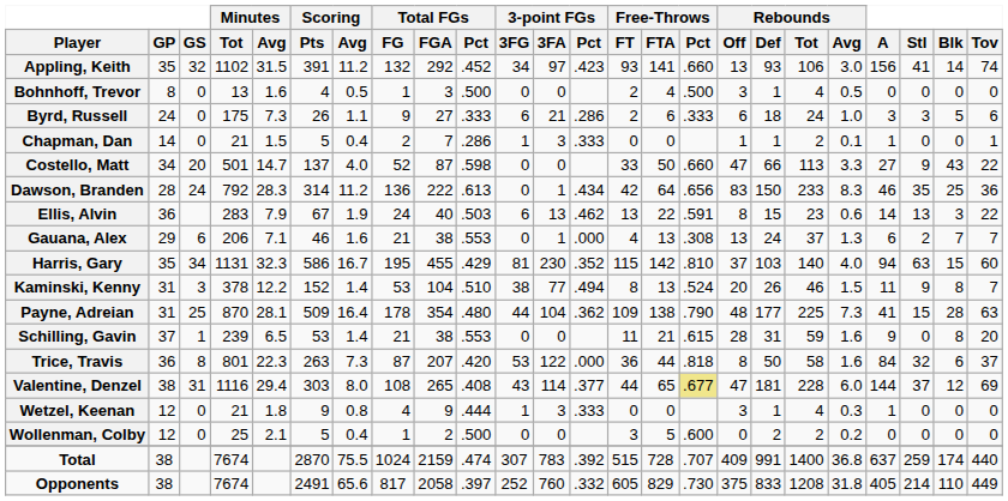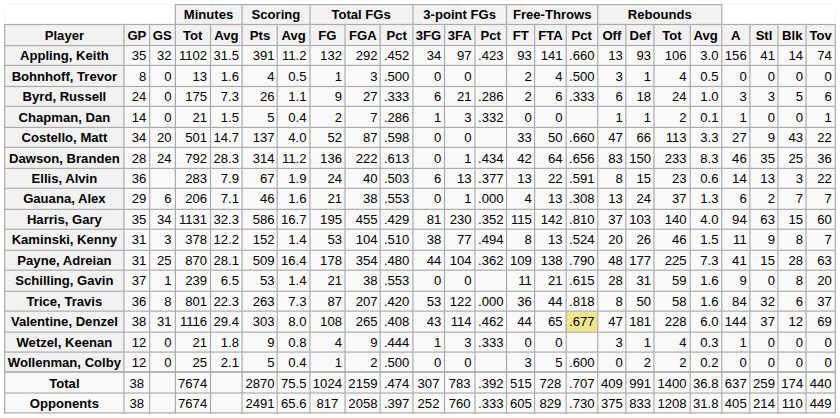 <table class="wikitable sortable" border="1" style="font-size:70%;">
 <tr>
 <th colspan="3" style="border-top-style:hidden; border-left-style:hidden; background: white;"></th>
 <th colspan="2" style=>Minutes</th>
 <th colspan="2" style=>Scoring</th>
 <th colspan="3" style=>Total FGs</th>
 <th colspan="3" style=>3-point FGs</th>
 <th colspan="3" style=>Free-Throws</th>
 <th colspan="4" style=>Rebounds</th>
 <th colspan="4" style="border-top-style:hidden; border-right-style:hidden; background: white;"></th>
 </tr>
 <tr>
 <th scope="col" style=>Player</th>
 <th scope="col" style=>GP</th>
 <th scope="col" style=>GS</th>
 <th scope="col" style=>Tot</th>
 <th scope="col" style=>Avg</th>
 <th scope="col" style=>Pts</th>
 <th scope="col" style=>Avg</th>
 <th scope="col" style=>FG</th>
 <th scope="col" style=>FGA</th>
 <th scope="col" style=>Pct</th>
 <th scope="col" style=>3FG</th>
 <th scope="col" style=>3FA</th>
 <th scope="col" style=>Pct</th>
 <th scope="col" style=>FT</th>
 <th scope="col" style=>FTA</th>
 <th scope="col" style=>Pct</th>
 <th scope="col" style=>Off</th>
 <th scope="col" style=>Def</th>
 <th scope="col" style=>Tot</th>
 <th scope="col" style=>Avg</th>
 <th scope="col" style=>A</th>
 <th scope="col" style=>Stl</th>
 <th scope="col" style=>Blk</th>
 <th scope="col" style=>Tov</th>
 </tr>
 <tr>
 <th style=white-space:nowrap>Appling, Keith</th>
 <td align="right">35</td>
 <td align="right">32</td>
 <td align="right">1102</td>
 <td align="right">31.5</td>
 <td align="right">391</td>
 <td align="right">11.2</td>
 <td align="right">132</td>
 <td align="right">292</td>
 <td align="right">.452</td>
 <td align="right">34</td>
 <td align="right">97</td>
 <td align="right">.423</td>
 <td align="right">93</td>
 <td align="right">141</td>
 <td align="right">.660</td>
 <td align="right">13</td>
 <td align="right">93</td>
 <td align="right">106</td>
 <td align="right">3.0</td>
 <td align="right">156</td>
 <td align="right">41</td>
 <td align="right">14</td>
 <td align="right">74</td>
 </tr>
 <tr>
 <th style=white-space:nowrap>Bohnhoff, Trevor</th>
 <td align="right">8</td>
 <td align="right">0</td>
 <td align="right">13</td>
 <td align="right">1.6</td>
 <td align="right">4</td>
 <td align="right">0.5</td>
 <td align="right">1</td>
 <td align="right">3</td>
 <td align="right">.500</td>
 <td align="right">0</td>
 <td align="right">0</td>
 <td align="right"></td>
 <td align="right">2</td>
 <td align="right">4</td>
 <td align="right">.500</td>
 <td align="right">3</td>
 <td align="right">1</td>
 <td align="right">4</td>
 <td align="right">0.5</td>
 <td align="right">0</td>
 <td align="right">0</td>
 <td align="right">0</td>
 <td align="right">0</td>
 </tr>
 <tr>
 <th style=white-space:nowrap>Byrd, Russell</th>
 <td align="right">24</td>
 <td align="right">0</td>
 <td align="right">175</td>
 <td align="right">7.3</td>
 <td align="right">26</td>
 <td align="right">1.1</td>
 <td align="right">9</td>
 <td align="right">27</td>
 <td align="right">.333</td>
 <td align="right">6</td>
 <td align="right">21</td>
 <td align="right">.286</td>
 <td align="right">2</td>
 <td align="right">6</td>
 <td align="right">.333</td>
 <td align="right">6</td>
 <td align="right">18</td>
 <td align="right">24</td>
 <td align="right">1.0</td>
 <td align="right">3</td>
 <td align="right">3</td>
 <td align="right">5</td>
 <td align="right">6</td>
 </tr>
 <tr>
 <th style=white-space:nowrap>Chapman, Dan</th>
 <td align="right">14</td>
 <td align="right">0</td>
 <td align="right">21</td>
 <td align="right">1.5</td>
 <td align="right">5</td>
 <td align="right">0.4</td>
 <td align="right">2</td>
 <td align="right">7</td>
 <td align="right">.286</td>
 <td align="right">1</td>
 <td align="right">3</td>
-<td align="right">.333</td>
+<td align="center">.332</td>
 <td align="right">0</td>
 <td align="right">0</td>
 <td align="right"></td>
 <td align="right">1</td>
 <td align="right">1</td>
 <td align="right">2</td>
 <td align="right">0.1</td>
 <td align="right">1</td>
 <td align="right">0</td>
 <td align="right">0</td>
 <td align="right">1</td>
 </tr>
 <tr>
 <th style=white-space:nowrap>Costello, Matt</th>
 <td align="right">34</td>
 <td align="right">20</td>
 <td align="right">501</td>
 <td align="right">14.7</td>
 <td align="right">137</td>
 <td align="right">4.0</td>
 <td align="right">52</td>
 <td align="right">87</td>
 <td align="right">.598</td>
 <td align="right">0</td>
 <td align="right">0</td>
 <td align="right"></td>
 <td align="right">33</td>
 <td align="right">50</td>
 <td align="right">.660</td>
 <td align="right">47</td>
 <td align="right">66</td>
 <td align="right">113</td>
 <td align="right">3.3</td>
 <td align="right">27</td>
 <td align="right">9</td>
 <td align="right">43</td>
 <td align="right">22</td>
 </tr>
 <tr>
 <th style=white-space:nowrap>Dawson, Branden</th>
 <td align="right">28</td>
 <td align="right">24</td>
 <td align="right">792</td>
 <td align="right">28.3</td>
 <td align="right">314</td>
 <td align="right">11.2</td>
 <td align="right">136</td>
 <td align="right">222</td>
 <td align="right">.613</td>
 <td align="right">0</td>
 <td align="right">1</td>
 <td align="right">.434</td>
 <td align="right">42</td>
 <td align="right">64</td>
 <td align="right">.656</td>
 <td align="right">83</td>
 <td align="right">150</td>
 <td align="right">233</td>
 <td align="right">8.3</td>
 <td align="right">46</td>
 <td align="right">35</td>
 <td align="right">25</td>
 <td align="right">36</td>
 </tr>
 <tr>
 <th style=white-space:nowrap>Ellis, Alvin</th>
 <td align="right">36</td>
 <td align="right"></td>
 <td align="right">283</td>
 <td align="right">7.9</td>
 <td align="right">67</td>
 <td align="right">1.9</td>
 <td align="right">24</td>
 <td align="right">40</td>
 <td align="right">.503</td>
 <td align="right">6</td>
 <td align="right">13</td>
-<td align="right">.462</td>
+<td align="right">.377</td>
 <td align="right">13</td>
 <td align="right">22</td>
 <td align="right">.591</td>
 <td align="right">8</td>
 <td align="right">15</td>
 <td align="right">23</td>
 <td align="right">0.6</td>
 <td align="right">14</td>
 <td align="right">13</td>
 <td align="right">3</td>
 <td align="right">22</td>
 </tr>
 <tr>
 <th style=white-space:nowrap>Gauana, Alex</th>
 <td align="right">29</td>
 <td align="right">6</td>
 <td align="right">206</td>
 <td align="right">7.1</td>
 <td align="right">46</td>
 <td align="right">1.6</td>
 <td align="right">21</td>
 <td align="right">38</td>
 <td align="right">.553</td>
 <td align="right">0</td>
 <td align="right">1</td>
 <td align="right">.000</td>
 <td align="right">4</td>
 <td align="right">13</td>
 <td align="right">.308</td>
 <td align="right">13</td>
 <td align="right">24</td>
 <td align="right">37</td>
 <td align="right">1.3</td>
 <td align="right">6</td>
 <td align="right">2</td>
 <td align="right">7</td>
 <td align="right">7</td>
 </tr>
 <tr>
 <th style=white-space:nowrap>Harris, Gary</th>
 <td align="right">35</td>
 <td align="right">34</td>
 <td align="right">1131</td>
 <td align="right">32.3</td>
 <td align="right">586</td>
 <td align="right">16.7</td>
 <td align="right">195</td>
 <td align="right">455</td>
 <td align="right">.429</td>
 <td align="right">81</td>
 <td align="right">230</td>
 <td align="right">.352</td>
 <td align="right">115</td>
 <td align="right">142</td>
 <td align="right">.810</td>
 <td align="right">37</td>
 <td align="right">103</td>
 <td align="right">140</td>
 <td align="right">4.0</td>
 <td align="right">94</td>
 <td align="right">63</td>
 <td align="right">15</td>
 <td align="right">60</td>
 </tr>
 <tr>
 <th style=white-space:nowrap>Kaminski, Kenny</th>
 <td align="right" style=>31</td>
 <td align="right">3</td>
 <td align="right">378</td>
 <td align="right">12.2</td>
 <td align="right">152</td>
 <td align="right">1.4</td>
 <td align="right">53</td>
 <td align="right">104</td>
 <td align="right">.510</td>
 <td align="right">38</td>
 <td align="right">77</td>
 <td align="right">.494</td>
 <td align="right">8</td>
 <td align="right">13</td>
 <td align="right">.524</td>
 <td align="right">20</td>
 <td align="right">26</td>
 <td align="right">46</td>
 <td align="right">1.5</td>
 <td align="right">11</td>
 <td align="right">9</td>
 <td align="right">8</td>
 <td align="right">7</td>
 </tr>
 <tr>
 <th style=white-space:nowrap>Payne, Adreian</th>
 <td align="right">31</td>
 <td align="right">25</td>
 <td align="right">870</td>
 <td align="right">28.1</td>
 <td align="right">509</td>
 <td align="right">16.4</td>
 <td align="right">178</td>
 <td align="right">354</td>
 <td align="right">.480</td>
 <td align="right">44</td>
 <td align="right">104</td>
 <td align="right">.362</td>
 <td align="right">109</td>
 <td align="right">138</td>
 <td align="right">.790</td>
 <td align="right">48</td>
 <td align="right">177</td>
 <td align="right">225</td>
 <td align="right">7.3</td>
 <td align="right">41</td>
 <td align="right">15</td>
 <td align="right">28</td>
 <td align="right">63</td>
 </tr>
 <tr>
 <th style=white-space:nowrap>Schilling, Gavin</th>
 <td align="right">37</td>
 <td align="right">1</td>
 <td align="right">239</td>
 <td align="right">6.5</td>
 <td align="right">53</td>
 <td align="right">1.4</td>
 <td align="right">21</td>
 <td align="right">38</td>
 <td align="right">.553</td>
 <td align="right">0</td>
 <td align="right">0</td>
 <td align="right"></td>
 <td align="right">11</td>
 <td align="right">21</td>
 <td align="right">.615</td>
 <td align="right">28</td>
 <td align="right">31</td>
 <td align="right">59</td>
 <td align="right">1.6</td>
 <td align="right">9</td>
 <td align="right">0</td>
 <td align="right">8</td>
 <td align="right">20</td>
 </tr>
 <tr>
 <th style=white-space:nowrap>Trice, Travis</th>
 <td align="right">36</td>
 <td align="right">8</td>
 <td align="right">801</td>
 <td align="right">22.3</td>
 <td align="right">263</td>
 <td align="right">7.3</td>
 <td align="right">87</td>
 <td align="right">207</td>
 <td align="right">.420</td>
 <td align="right">53</td>
 <td align="right">122</td>
 <td align="right">.000</td>
 <td align="right">36</td>
 <td align="right">44</td>
 <td align="right">.818</td>
 <td align="right">8</td>
 <td align="right">50</td>
 <td align="right">58</td>
 <td align="right">1.6</td>
 <td align="right">84</td>
 <td align="right">32</td>
 <td align="right">6</td>
 <td align="right">37</td>
 </tr>
 <tr>
 <th style=white-space:nowrap>Valentine, Denzel</th>
 <td align="right">38</td>
 <td align="right">31</td>
 <td align="right">1116</td>
 <td align="right">29.4</td>
 <td align="right">303</td>
 <td align="right">8.0</td>
 <td align="right">108</td>
 <td align="right">265</td>
 <td align="right">.408</td>
 <td align="right">43</td>
 <td align="right">114</td>
-<td align="right">.377</td>
+<td align="right">.462</td>
 <td align="right">44</td>
 <td align="right">65</td>
 <td align="right" style="background: khaki;">.677</td>
 <td align="right">47</td>
 <td align="right">181</td>
 <td align="right">228</td>
 <td align="right">6.0</td>
 <td align="right">144</td>
 <td align="right">37</td>
 <td align="right">12</td>
 <td align="right">69</td>
 </tr>
 <tr>
 <th style=white-space:nowrap>Wetzel, Keenan</th>
 <td align="right">12</td>
 <td align="right">0</td>
 <td align="right">21</td>
 <td align="right">1.8</td>
 <td align="right">9</td>
 <td align="right">0.8</td>
 <td align="right">4</td>
 <td align="right">9</td>
 <td align="right">.444</td>
 <td align="right">1</td>
 <td align="right">3</td>
 <td align="right">.333</td>
 <td align="right">0</td>
 <td align="right">0</td>
 <td align="right"></td>
 <td align="right">3</td>
 <td align="right">1</td>
 <td align="right">4</td>
 <td align="right">0.3</td>
 <td align="right">1</td>
 <td align="right">0</td>
 <td align="right">0</td>
 <td align="right">0</td>
 </tr>
 <tr>
 <th style=white-space:nowrap>Wollenman, Colby</th>
 <td align="right">12</td>
 <td align="right">0</td>
 <td align="right">25</td>
 <td align="right">2.1</td>
 <td align="right">5</td>
 <td align="right">0.4</td>
 <td align="right">1</td>
 <td align="right">2</td>
 <td align="right">.500</td>
 <td align="right">0</td>
 <td align="right">0</td>
 <td align="right"></td>
 <td align="right">3</td>
 <td align="right">5</td>
 <td align="right">.600</td>
 <td align="right">0</td>
 <td align="right">2</td>
 <td align="right">2</td>
 <td align="right">0.2</td>
 <td align="right">0</td>
 <td align="right">0</td>
 <td align="right">0</td>
 <td align="right">0</td>
 </tr>
 <tr>
 </tr>
 <tr class="sortbottom">
 <td align="center" style="background:#"><strong>Total</strong></td>
 <td align="center" style="background:#">38</td>
 <td align="center" style="background:#"></td>
 <td align="center" style="background:#">7674</td>
 <td align="center" style="background:#"></td>
 <td align="center" style="background:#">2870</td>
 <td align="center" style="background:#">75.5</td>
 <td align="center" style="background:#">1024</td>
 <td align="center" style="background:#">2159</td>
 <td align="center" style="background:#">.474</td>
 <td align="center" style="background:#">307</td>
 <td align="center" style="background:#">783</td>
 <td align="center" style="background:#">.392</td>
 <td align="center" style="background:#">515</td>
 <td align="center" style="background:#">728</td>
 <td align="center" style="background:#">.707</td>
 <td align="center" style="background:#">409</td>
 <td align="center" style="background:#">991</td>
 <td align="center" style="background:#">1400</td>
 <td align="center" style="background:#">36.8</td>
 <td align="center" style="background:#">637</td>
 <td align="center" style="background:#">259</td>
 <td align="center" style="background:#">174</td>
 <td align="center" style="background:#">440</td>
 </tr>
 <tr class="sortbottom">
 <td align="center"><strong>Opponents</strong></td>
 <td align="center">38</td>
 <td align="center"></td>
 <td align="center">7674</td>
 <td align="center"></td>
 <td align="center">2491</td>
 <td align="center">65.6</td>
 <td align="center">817</td>
 <td align="center">2058</td>
 <td align="center">.397</td>
 <td align="center">252</td>
 <td align="center">760</td>
-<td align="center">.332</td>
+<td align="right">.333</td>
 <td align="center">605</td>
 <td align="center">829</td>
 <td align="center">.730</td>
 <td align="center">375</td>
 <td align="center">833</td>
 <td align="center">1208</td>
 <td align="center">31.8</td>
 <td align="center">405</td>
 <td align="center">214</td>
 <td align="center">110</td>
 <td align="center">449</td>
 </tr>
 </table>
